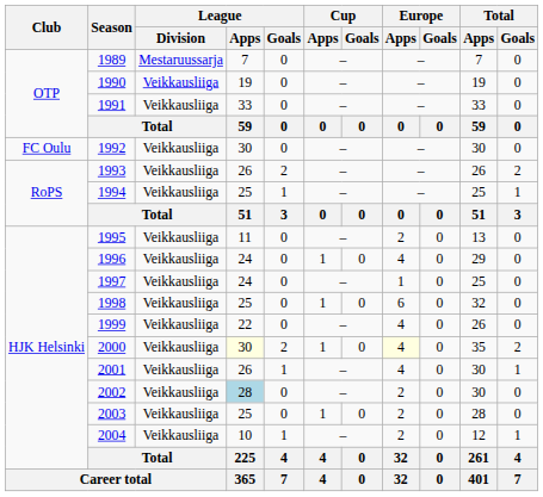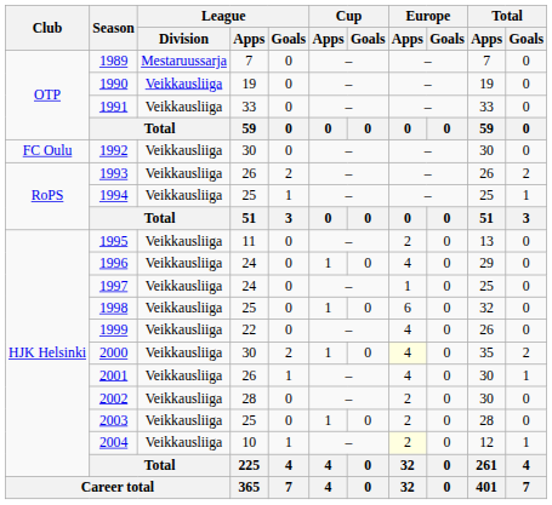 <table class="wikitable" style="text-align:center">
 <tr>
 <th rowspan="2">Club</th>
 <th rowspan="2">Season</th>
 <th colspan="3">League</th>
 <th colspan="2">Cup</th>
 <th colspan="2">Europe</th>
 <th colspan="2">Total</th>
 </tr>
 <tr>
 <th>Division</th>
 <th>Apps</th>
 <th>Goals</th>
 <th>Apps</th>
 <th>Goals</th>
 <th>Apps</th>
 <th>Goals</th>
 <th>Apps</th>
 <th>Goals</th>
 </tr>
 <tr>
 <td rowspan=4><a href='#'>OTP</a></td>
 <td><a href='#'>1989</a></td>
 <td><a href='#'>Mestaruussarja</a></td>
 <td>7</td>
 <td>0</td>
 <td colspan=2>–</td>
 <td colspan=2>–</td>
 <td>7</td>
 <td>0</td>
 </tr>
 <tr>
 <td><a href='#'>1990</a></td>
 <td><a href='#'>Veikkausliiga</a></td>
 <td>19</td>
 <td>0</td>
 <td colspan=2>–</td>
 <td colspan=2>–</td>
 <td>19</td>
 <td>0</td>
 </tr>
 <tr>
 <td><a href='#'>1991</a></td>
 <td>Veikkausliiga</td>
 <td>33</td>
 <td>0</td>
 <td colspan=2>–</td>
 <td colspan=2>–</td>
 <td>33</td>
 <td>0</td>
 </tr>
 <tr>
 <th colspan=2>Total</th>
 <th>59</th>
 <th>0</th>
 <th>0</th>
 <th>0</th>
 <th>0</th>
 <th>0</th>
 <th>59</th>
 <th>0</th>
 </tr>
 <tr>
 <td><a href='#'>FC Oulu</a></td>
 <td><a href='#'>1992</a></td>
 <td>Veikkausliiga</td>
 <td>30</td>
 <td>0</td>
 <td colspan=2>–</td>
 <td colspan=2>–</td>
 <td>30</td>
 <td>0</td>
 </tr>
 <tr>
 <td rowspan=3><a href='#'>RoPS</a></td>
 <td><a href='#'>1993</a></td>
 <td>Veikkausliiga</td>
 <td>26</td>
 <td>2</td>
 <td colspan=2>–</td>
 <td colspan=2>–</td>
 <td>26</td>
 <td>2</td>
 </tr>
 <tr>
 <td><a href='#'>1994</a></td>
 <td>Veikkausliiga</td>
 <td>25</td>
 <td>1</td>
 <td colspan=2>–</td>
 <td colspan=2>–</td>
 <td>25</td>
 <td>1</td>
 </tr>
 <tr>
 <th colspan=2>Total</th>
 <th>51</th>
 <th>3</th>
 <th>0</th>
 <th>0</th>
 <th>0</th>
 <th>0</th>
 <th>51</th>
 <th>3</th>
 </tr>
 <tr>
 <td rowspan=11><a href='#'>HJK Helsinki</a></td>
 <td><a href='#'>1995</a></td>
 <td>Veikkausliiga</td>
 <td>11</td>
 <td>0</td>
 <td colspan=2>–</td>
 <td>2</td>
 <td>0</td>
 <td>13</td>
 <td>0</td>
 </tr>
 <tr>
 <td><a href='#'>1996</a></td>
 <td>Veikkausliiga</td>
 <td>24</td>
 <td>0</td>
 <td>1</td>
 <td>0</td>
 <td>4</td>
 <td>0</td>
 <td>29</td>
 <td>0</td>
 </tr>
 <tr>
 <td><a href='#'>1997</a></td>
 <td>Veikkausliiga</td>
 <td>24</td>
 <td>0</td>
 <td colspan=2>–</td>
 <td>1</td>
 <td>0</td>
 <td>25</td>
 <td>0</td>
 </tr>
 <tr>
 <td><a href='#'>1998</a></td>
 <td>Veikkausliiga</td>
 <td>25</td>
 <td>0</td>
 <td>1</td>
 <td>0</td>
 <td>6</td>
 <td>0</td>
 <td>32</td>
 <td>0</td>
 </tr>
 <tr>
 <td><a href='#'>1999</a></td>
 <td>Veikkausliiga</td>
 <td>22</td>
 <td>0</td>
 <td colspan=2>–</td>
 <td>4</td>
 <td>0</td>
 <td>26</td>
 <td>0</td>
 </tr>
 <tr>
 <td><a href='#'>2000</a></td>
 <td>Veikkausliiga</td>
-<td style="background: lightyellow;">30</td>
+<td>30</td>
 <td>2</td>
 <td>1</td>
 <td>0</td>
 <td style="background: lightyellow;">4</td>
 <td>0</td>
 <td>35</td>
 <td>2</td>
 </tr>
 <tr>
 <td><a href='#'>2001</a></td>
 <td>Veikkausliiga</td>
 <td>26</td>
 <td>1</td>
 <td colspan=2>–</td>
 <td>4</td>
 <td>0</td>
 <td>30</td>
 <td>1</td>
 </tr>
 <tr>
 <td><a href='#'>2002</a></td>
 <td>Veikkausliiga</td>
-<td style="background: lightblue;">28</td>
+<td>28</td>
 <td>0</td>
 <td colspan=2>–</td>
 <td>2</td>
 <td>0</td>
 <td>30</td>
 <td>0</td>
 </tr>
 <tr>
 <td><a href='#'>2003</a></td>
 <td>Veikkausliiga</td>
 <td>25</td>
 <td>0</td>
 <td>1</td>
 <td>0</td>
 <td>2</td>
 <td>0</td>
 <td>28</td>
 <td>0</td>
 </tr>
 <tr>
 <td><a href='#'>2004</a></td>
 <td>Veikkausliiga</td>
 <td>10</td>
 <td>1</td>
 <td colspan=2>–</td>
-<td>2</td>
+<td style="background: lightyellow;">2</td>
 <td>0</td>
 <td>12</td>
 <td>1</td>
 </tr>
 <tr>
 <th colspan=2>Total</th>
 <th>225</th>
 <th>4</th>
 <th>4</th>
 <th>0</th>
 <th>32</th>
 <th>0</th>
 <th>261</th>
 <th>4</th>
 </tr>
 <tr>
 <th colspan="3">Career total</th>
 <th>365</th>
 <th>7</th>
 <th>4</th>
 <th>0</th>
 <th>32</th>
 <th>0</th>
 <th>401</th>
 <th>7</th>
 </tr>
 </table>
